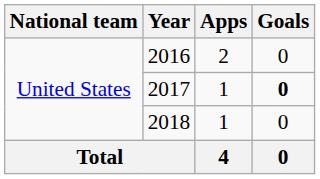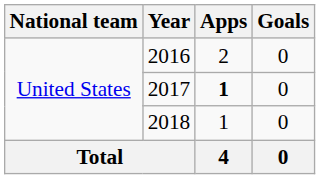 <table class="wikitable" style="text-align:center">
 <tr>
 <th>National team</th>
 <th>Year</th>
 <th>Apps</th>
 <th>Goals</th>
 </tr>
 <tr>
 <td rowspan="3"><a href='#'>United States</a></td>
 <td>2016</td>
 <td>2</td>
 <td>0</td>
 </tr>
 <tr>
 <td>2017</td>
-<td>1</td>
-<td><strong>0</strong></td>
+<td><strong>1</strong></td>
+<td>0</td>
 </tr>
 <tr>
 <td>2018</td>
 <td>1</td>
 <td>0</td>
 </tr>
 <tr>
 <th colspan="2">Total</th>
 <th>4</th>
 <th>0</th>
 </tr>
 </table>
